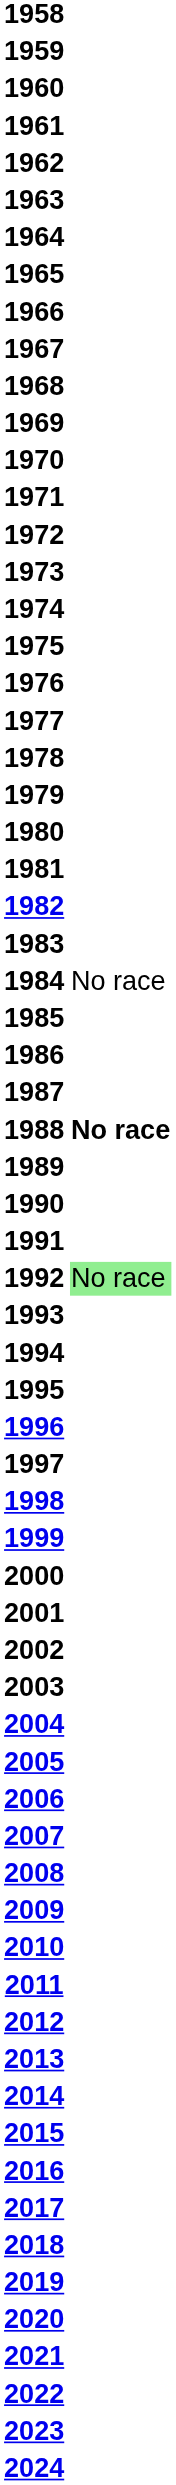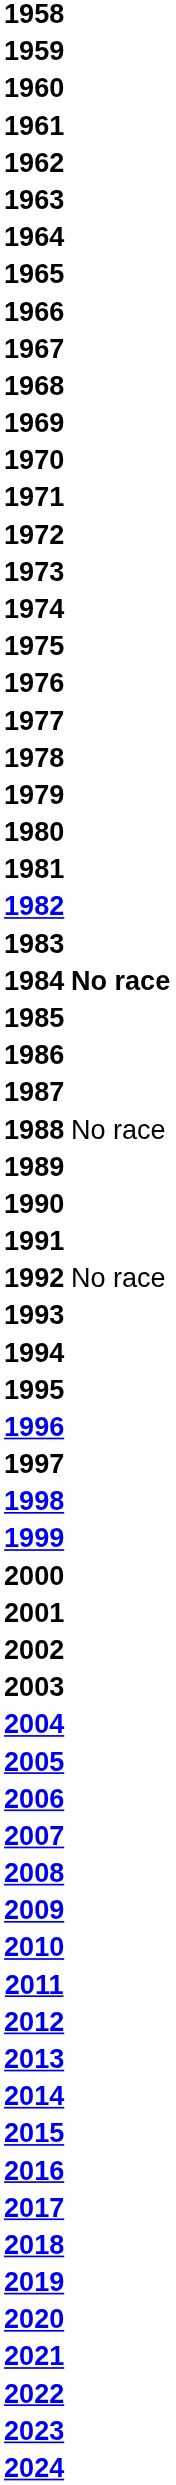 <table>
 <tr>
 </tr>
 <tr>
 <th>1958</th>
 <td></td>
 <td></td>
 <td></td>
 </tr>
 <tr>
 <th>1959</th>
 <td></td>
 <td></td>
 <td></td>
 </tr>
 <tr>
 <th>1960</th>
 <td></td>
 <td></td>
 <td></td>
 </tr>
 <tr>
 <th>1961</th>
 <td></td>
 <td></td>
 <td></td>
 </tr>
 <tr>
 <th>1962</th>
 <td></td>
 <td></td>
 <td></td>
 </tr>
 <tr>
 <th>1963</th>
 <td></td>
 <td></td>
 <td></td>
 </tr>
 <tr>
 <th>1964</th>
 <td></td>
 <td></td>
 <td></td>
 </tr>
 <tr>
 <th>1965</th>
 <td></td>
 <td></td>
 <td></td>
 </tr>
 <tr>
 <th>1966</th>
 <td></td>
 <td></td>
 <td></td>
 </tr>
 <tr>
 <th>1967</th>
 <td></td>
 <td></td>
 <td></td>
 </tr>
 <tr>
 <th>1968</th>
 <td></td>
 <td></td>
 <td></td>
 </tr>
 <tr>
 <th>1969</th>
 <td></td>
 <td></td>
 <td></td>
 </tr>
 <tr>
 <th>1970</th>
 <td></td>
 <td></td>
 <td></td>
 </tr>
 <tr>
 <th>1971</th>
 <td></td>
 <td></td>
 <td></td>
 </tr>
 <tr>
 <th>1972</th>
 <td></td>
 <td></td>
 <td></td>
 </tr>
 <tr>
 <th>1973</th>
 <td></td>
 <td></td>
 <td></td>
 </tr>
 <tr>
 <th>1974</th>
 <td></td>
 <td></td>
 <td></td>
 </tr>
 <tr>
 <th>1975</th>
 <td></td>
 <td></td>
 <td></td>
 </tr>
 <tr>
 <th>1976</th>
 <td></td>
 <td></td>
 <td></td>
 </tr>
 <tr>
 <th>1977</th>
 <td></td>
 <td></td>
 <td></td>
 </tr>
 <tr>
 <th>1978</th>
 <td></td>
 <td></td>
 <td></td>
 </tr>
 <tr>
 <th>1979</th>
 <td></td>
 <td></td>
 <td></td>
 </tr>
 <tr>
 <th>1980</th>
 <td></td>
 <td></td>
 <td></td>
 </tr>
 <tr>
 <th>1981</th>
 <td></td>
 <td></td>
 <td></td>
 </tr>
 <tr>
 <th><a href='#'>1982</a></th>
 <td></td>
 <td></td>
 <td></td>
 </tr>
 <tr>
 <th>1983</th>
 <td></td>
 <td></td>
 <td></td>
 </tr>
 <tr>
 <th>1984</th>
-<td>No race</td>
+<td><strong>No race</strong></td>
 <td></td>
 <td></td>
 </tr>
 <tr>
 <th>1985</th>
 <td></td>
 <td></td>
 <td></td>
 </tr>
 <tr>
 <th>1986</th>
 <td></td>
 <td></td>
 <td></td>
 </tr>
 <tr>
 <th>1987</th>
 <td></td>
 <td></td>
 <td></td>
 </tr>
 <tr>
 <th>1988</th>
-<td><strong>No race</strong></td>
+<td>No race</td>
 <td></td>
 <td></td>
 </tr>
 <tr>
 <th>1989</th>
 <td></td>
 <td></td>
 <td></td>
 </tr>
 <tr>
 <th>1990</th>
 <td></td>
 <td></td>
 <td></td>
 </tr>
 <tr>
 <th>1991</th>
 <td></td>
 <td></td>
 <td></td>
 </tr>
 <tr>
 <th>1992</th>
-<td style="background: lightgreen;">No race</td>
+<td>No race</td>
 <td></td>
 <td></td>
 </tr>
 <tr>
 <th>1993</th>
 <td></td>
 <td></td>
 <td></td>
 </tr>
 <tr>
 <th>1994</th>
 <td></td>
 <td></td>
 <td></td>
 </tr>
 <tr>
 <th>1995</th>
 <td></td>
 <td></td>
 <td></td>
 </tr>
 <tr>
 <th><a href='#'>1996</a></th>
 <td></td>
 <td></td>
 <td></td>
 </tr>
 <tr>
 <th>1997</th>
 <td></td>
 <td></td>
 <td></td>
 </tr>
 <tr>
 <th><a href='#'>1998</a></th>
 <td></td>
 <td></td>
 <td></td>
 </tr>
 <tr>
 <th><a href='#'>1999</a></th>
 <td></td>
 <td></td>
 <td></td>
 </tr>
 <tr>
 <th>2000</th>
 <td></td>
 <td></td>
 <td></td>
 </tr>
 <tr>
 <th>2001</th>
 <td></td>
 <td></td>
 <td></td>
 </tr>
 <tr>
 <th>2002</th>
 <td></td>
 <td></td>
 <td></td>
 </tr>
 <tr>
 <th>2003</th>
 <td></td>
 <td></td>
 <td></td>
 </tr>
 <tr>
 <th><a href='#'>2004</a></th>
 <td></td>
 <td></td>
 <td></td>
 </tr>
 <tr>
 <th><a href='#'>2005</a></th>
 <td></td>
 <td></td>
 <td></td>
 </tr>
 <tr>
 <th><a href='#'>2006</a></th>
 <td></td>
 <td></td>
 <td></td>
 </tr>
 <tr>
 <th><a href='#'>2007</a></th>
 <td></td>
 <td></td>
 <td></td>
 </tr>
 <tr>
 <th><a href='#'>2008</a></th>
 <td></td>
 <td></td>
 <td></td>
 </tr>
 <tr>
 <th><a href='#'>2009</a></th>
 <td></td>
 <td></td>
 <td></td>
 </tr>
 <tr>
 <th><a href='#'>2010</a></th>
 <td></td>
 <td></td>
 <td></td>
 </tr>
 <tr>
 <th><a href='#'>2011</a></th>
 <td></td>
 <td></td>
 <td></td>
 </tr>
 <tr>
 <th><a href='#'>2012</a></th>
 <td></td>
 <td></td>
 <td></td>
 </tr>
 <tr>
 <th><a href='#'>2013</a></th>
 <td></td>
 <td></td>
 <td></td>
 </tr>
 <tr>
 <th><a href='#'>2014</a></th>
 <td></td>
 <td></td>
 <td></td>
 </tr>
 <tr>
 <th><a href='#'>2015</a></th>
 <td></td>
 <td></td>
 <td></td>
 </tr>
 <tr>
 <th><a href='#'>2016</a></th>
 <td></td>
 <td></td>
 <td></td>
 </tr>
 <tr>
 <th><a href='#'>2017</a></th>
 <td></td>
 <td></td>
 <td></td>
 </tr>
 <tr>
 <th><a href='#'>2018</a></th>
 <td></td>
 <td></td>
 <td></td>
 </tr>
 <tr>
 <th><a href='#'>2019</a></th>
 <td></td>
 <td></td>
 <td></td>
 </tr>
 <tr>
 <th><a href='#'>2020</a></th>
 <td></td>
 <td></td>
 <td></td>
 </tr>
 <tr>
 <th><a href='#'>2021</a></th>
 <td></td>
 <td></td>
 <td></td>
 </tr>
 <tr>
 <th><a href='#'>2022</a></th>
 <td></td>
 <td></td>
 <td></td>
 </tr>
 <tr>
 <th><a href='#'>2023</a></th>
 <td></td>
 <td></td>
 <td></td>
 </tr>
 <tr>
 <th><a href='#'>2024</a></th>
 <td></td>
 <td></td>
 <td></td>
 </tr>
 </table>
